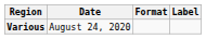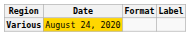 <table class="wikitable plainrowheaders">
 <tr>
 <th scope="col">Region</th>
 <th scope="col">Date</th>
 <th scope="col">Format</th>
 <th scope="col">Label</th>
 </tr>
 <tr>
 <th scope="row" rowspan="2">Various</th>
-<td>August 24, 2020</td>
+<td style="background: gold;">August 24, 2020</td>
 <td rowspan="1"></td>
 <td></td>
 </tr>
 </table>
